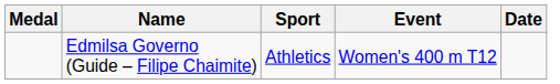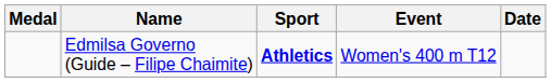 <table class="wikitable" style="font-size: 95%">
 <tr>
 <th scope="col">Medal</th>
 <th scope="col">Name</th>
 <th scope="col">Sport</th>
 <th scope="col">Event</th>
 <th scope="col">Date</th>
 </tr>
 <tr>
 <td></td>
 <td><a href='#'>Edmilsa Governo</a><br>(Guide – <a href='#'>Filipe Chaimite</a>)</td>
-<td><a href='#'>Athletics</a></td>
+<td><strong><a href='#'>Athletics</a></strong></td>
 <td><a href='#'>Women's 400 m T12</a></td>
 <td></td>
 </tr>
 <tr>
 </tr>
 </table>
